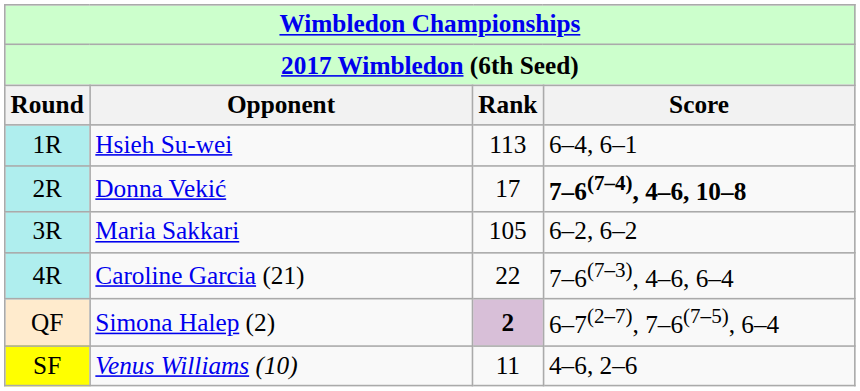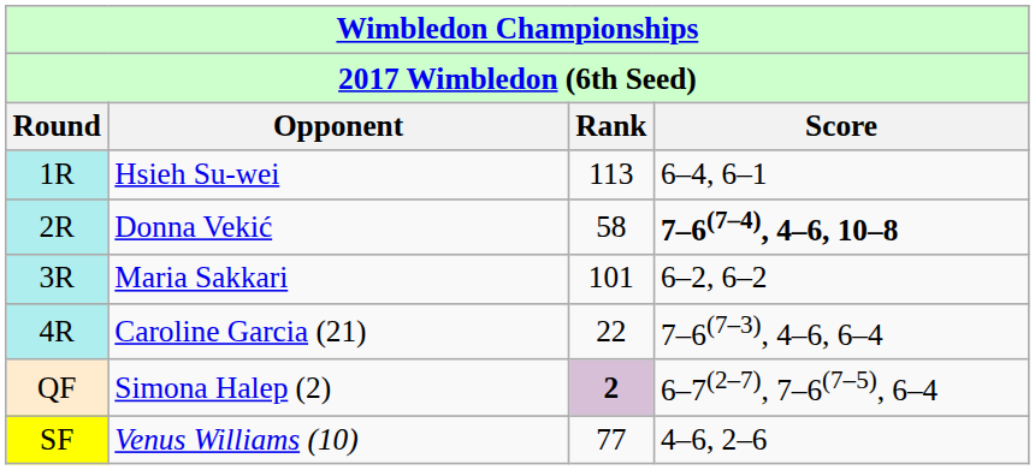 <table class=wikitable>
 <tr>
 <th colspan=4 style="background:#cfc;"><a href='#'>Wimbledon Championships</a></th>
 </tr>
 <tr>
 <th colspan=4 style="background:#cfc;"><a href='#'>2017 Wimbledon</a> (6th Seed)</th>
 </tr>
 <tr>
 <th width=40>Round</th>
 <th width=235>Opponent</th>
 <th width=20>Rank</th>
 <th width=190>Score</th>
 </tr>
 <tr>
 <td style="text-align:center; background:#afeeee;">1R</td>
 <td> <a href='#'>Hsieh Su-wei</a></td>
 <td style="text-align:center">113</td>
 <td>6–4, 6–1</td>
 </tr>
 <tr>
 <td style="text-align:center; background:#afeeee;">2R</td>
 <td> <a href='#'>Donna Vekić</a></td>
-<td style="text-align:center">17</td>
+<td style="text-align:center">58</td>
 <td><strong>7–6<sup>(7–4)</sup>, 4–6, 10–8</strong></td>
 </tr>
 <tr>
 <td style="text-align:center; background:#afeeee;">3R</td>
 <td> <a href='#'>Maria Sakkari</a></td>
-<td style="text-align:center">105</td>
+<td style="text-align:center">101</td>
 <td>6–2, 6–2</td>
 </tr>
 <tr>
 <td style="text-align:center; background:#afeeee;">4R</td>
 <td> <a href='#'>Caroline Garcia</a> (21)</td>
 <td style="text-align:center">22</td>
 <td>7–6<sup>(7–3)</sup>, 4–6, 6–4</td>
 </tr>
 <tr>
 <td style="text-align:center; background:#ffebcd;">QF</td>
 <td> <a href='#'>Simona Halep</a> (2)</td>
 <td style="text-align:center; background:thistle;"><strong>2</strong></td>
 <td>6–7<sup>(2–7)</sup>, 7–6<sup>(7–5)</sup>, 6–4</td>
 </tr>
 <tr>
 <td style="text-align:center; background:yellow;">SF</td>
 <td><em> <a href='#'>Venus Williams</a> (10)</em></td>
-<td style="text-align:center">11</td>
+<td style="text-align:center">77</td>
 <td>4–6, 2–6</td>
 </tr>
 </table>
